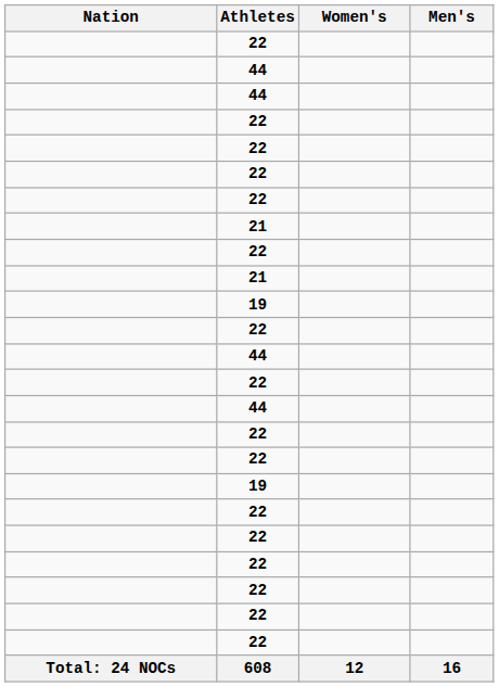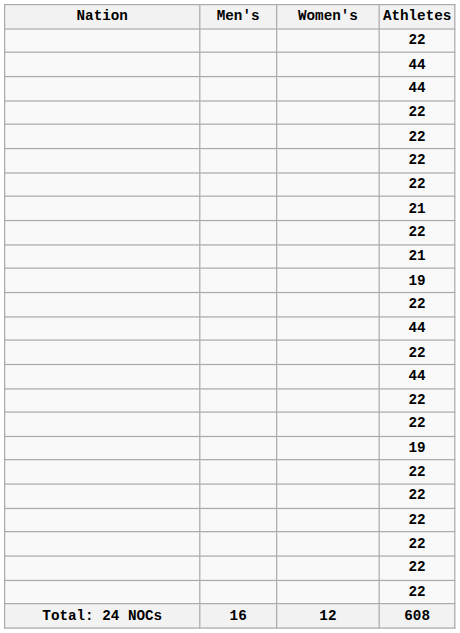 <table class="wikitable sortable" width=370 style="text-align:center; font-size:90%">
 <tr>
 <th>Nation</th>
+<th>Men's</th>
+<th>Women's</th>
 <th width=55>Athletes</th>
-<th>Women's</th>
-<th>Men's</th>
 </tr>
 <tr>
 <td style="text-align:left;"></td>
-<td><strong>22</strong></td>
 <td></td>
 <td></td>
+<td><strong>22</strong></td>
 </tr>
 <tr>
 <td style="text-align:left;"></td>
-<td><strong>44</strong></td>
 <td></td>
 <td></td>
+<td><strong>44</strong></td>
 </tr>
 <tr>
 <td style="text-align:left;"></td>
-<td><strong>44</strong></td>
 <td></td>
 <td></td>
+<td><strong>44</strong></td>
 </tr>
 <tr>
 <td style="text-align:left;"></td>
-<td><strong>22</strong></td>
 <td></td>
 <td></td>
+<td><strong>22</strong></td>
 </tr>
 <tr>
 <td style="text-align:left;"></td>
-<td><strong>22</strong></td>
 <td></td>
 <td></td>
+<td><strong>22</strong></td>
 </tr>
 <tr>
 <td style="text-align:left;"></td>
-<td><strong>22</strong></td>
 <td></td>
 <td></td>
+<td><strong>22</strong></td>
 </tr>
 <tr>
 <td style="text-align:left;"></td>
-<td><strong>22</strong></td>
 <td></td>
 <td></td>
+<td><strong>22</strong></td>
 </tr>
 <tr>
 <td style="text-align:left;"></td>
-<td><strong>21</strong></td>
 <td></td>
 <td></td>
+<td><strong>21</strong></td>
 </tr>
 <tr>
 <td style="text-align:left;"></td>
-<td><strong>22</strong></td>
 <td></td>
 <td></td>
+<td><strong>22</strong></td>
 </tr>
 <tr>
 <td style="text-align:left;"></td>
-<td><strong>21</strong></td>
 <td></td>
 <td></td>
+<td><strong>21</strong></td>
 </tr>
 <tr>
 <td style="text-align:left;"></td>
-<td><strong>19</strong></td>
 <td></td>
 <td></td>
+<td><strong>19</strong></td>
 </tr>
 <tr>
 <td style="text-align:left;"></td>
-<td><strong>22</strong></td>
 <td></td>
 <td></td>
+<td><strong>22</strong></td>
 </tr>
 <tr>
 <td style="text-align:left;"></td>
-<td><strong>44</strong></td>
 <td></td>
 <td></td>
+<td><strong>44</strong></td>
 </tr>
 <tr>
 <td style="text-align:left;"></td>
-<td><strong>22</strong></td>
 <td></td>
 <td></td>
+<td><strong>22</strong></td>
 </tr>
 <tr>
 <td style="text-align:left;"></td>
-<td><strong>44</strong></td>
 <td></td>
 <td></td>
+<td><strong>44</strong></td>
 </tr>
 <tr>
 <td style="text-align:left;"></td>
-<td><strong>22</strong></td>
 <td></td>
 <td></td>
+<td><strong>22</strong></td>
 </tr>
 <tr>
 <td style="text-align:left;"></td>
-<td><strong>22</strong></td>
 <td></td>
 <td></td>
+<td><strong>22</strong></td>
 </tr>
 <tr>
 <td style="text-align:left;"></td>
-<td><strong>19</strong></td>
 <td></td>
 <td></td>
+<td><strong>19</strong></td>
 </tr>
 <tr>
 <td style="text-align:left;"></td>
-<td><strong>22</strong></td>
 <td></td>
 <td></td>
+<td><strong>22</strong></td>
 </tr>
 <tr>
 <td style="text-align:left;"></td>
-<td><strong>22</strong></td>
 <td></td>
 <td></td>
+<td><strong>22</strong></td>
 </tr>
 <tr>
 <td style="text-align:left;"></td>
-<td><strong>22</strong></td>
 <td></td>
 <td></td>
+<td><strong>22</strong></td>
 </tr>
 <tr>
 <td style="text-align:left;"></td>
-<td><strong>22</strong></td>
 <td></td>
 <td></td>
+<td><strong>22</strong></td>
 </tr>
 <tr>
 <td style="text-align:left;"></td>
-<td><strong>22</strong></td>
 <td></td>
 <td></td>
+<td><strong>22</strong></td>
 </tr>
 <tr>
 <td style="text-align:left;"></td>
-<td><strong>22</strong></td>
 <td></td>
 <td></td>
+<td><strong>22</strong></td>
 </tr>
 <tr>
 <th>Total: 24 NOCs</th>
+<th>16</th>
+<th>12</th>
 <th>608</th>
-<th>12</th>
-<th>16</th>
 </tr>
 </table>
